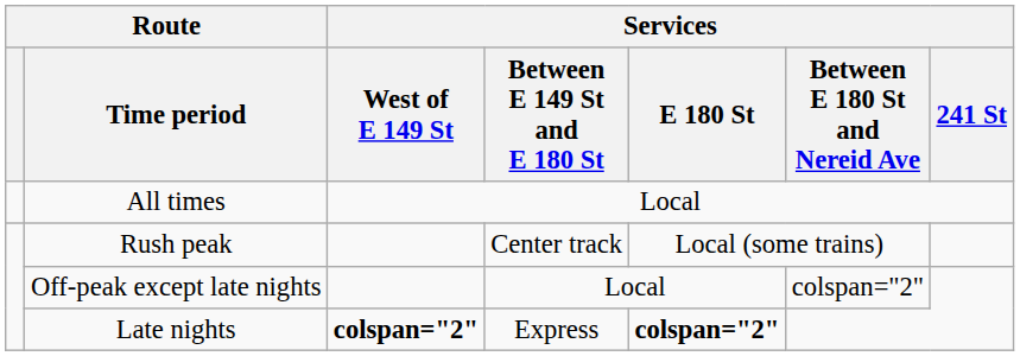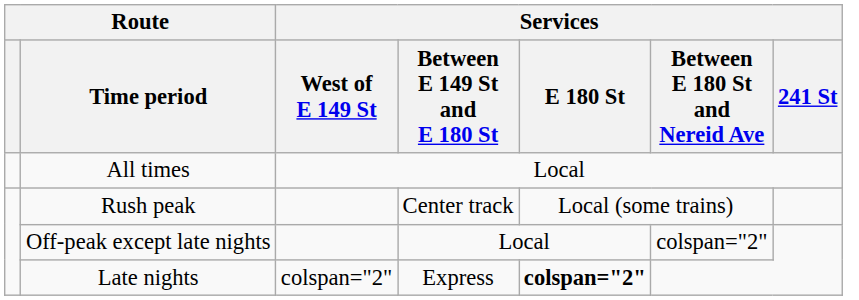 <table class="wikitable">
 <tr>
 <th colspan=2>Route</th>
 <th colspan=5>Services</th>
 </tr>
 <tr>
 <th> </th>
 <th>Time period</th>
 <th>West of<br><a href='#'>E 149 St</a></th>
 <th>Between<br>E 149 St<br>and<br><a href='#'>E 180 St</a></th>
 <th>E 180 St</th>
 <th>Between<br>E 180 St<br>and<br><a href='#'>Nereid Ave</a></th>
 <th><a href='#'>241 St</a></th>
 </tr>
 <tr>
 <td width="2"></td>
 <td align=center>All times</td>
 <td colspan=5 align=center>Local</td>
 </tr>
 <tr>
 <td rowspan="3"></td>
 <td align="center">Rush peak</td>
 <td></td>
 <td align="center">Center track</td>
 <td colspan="2" align="center">Local (some trains)</td>
 <td></td>
 </tr>
 <tr>
 <td align="center">Off-peak except late nights</td>
 <td></td>
 <td colspan="2" align="center">Local</td>
 <td>colspan="2" </td>
 </tr>
 <tr>
 <td align="center">Late nights</td>
-<td><strong>colspan="2" </strong></td>
+<td>colspan="2" </td>
 <td align="center">Express</td>
 <td><strong>colspan="2" </strong></td>
 </tr>
 </table>
